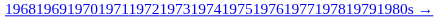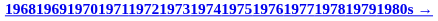 <table id="toc" class="toc" summary="Contents">
 <tr>
 <th></th>
 </tr>
 <tr>
-<td align="center"><a href='#'>1968</a><a href='#'>1969</a><a href='#'>1970</a><a href='#'>1971</a><a href='#'>1972</a><a href='#'>1973</a><a href='#'>1974</a><a href='#'>1975</a><a href='#'>1976</a><a href='#'>1977</a><a href='#'>1978</a><a href='#'>1979</a><a href='#'>1980s →</a></td>
+<td align="center"><strong><a href='#'>1968</a><a href='#'>1969</a><a href='#'>1970</a><a href='#'>1971</a><a href='#'>1972</a><a href='#'>1973</a><a href='#'>1974</a><a href='#'>1975</a><a href='#'>1976</a><a href='#'>1977</a><a href='#'>1978</a><a href='#'>1979</a><a href='#'>1980s →</a></strong></td>
 </tr>
 </table>
